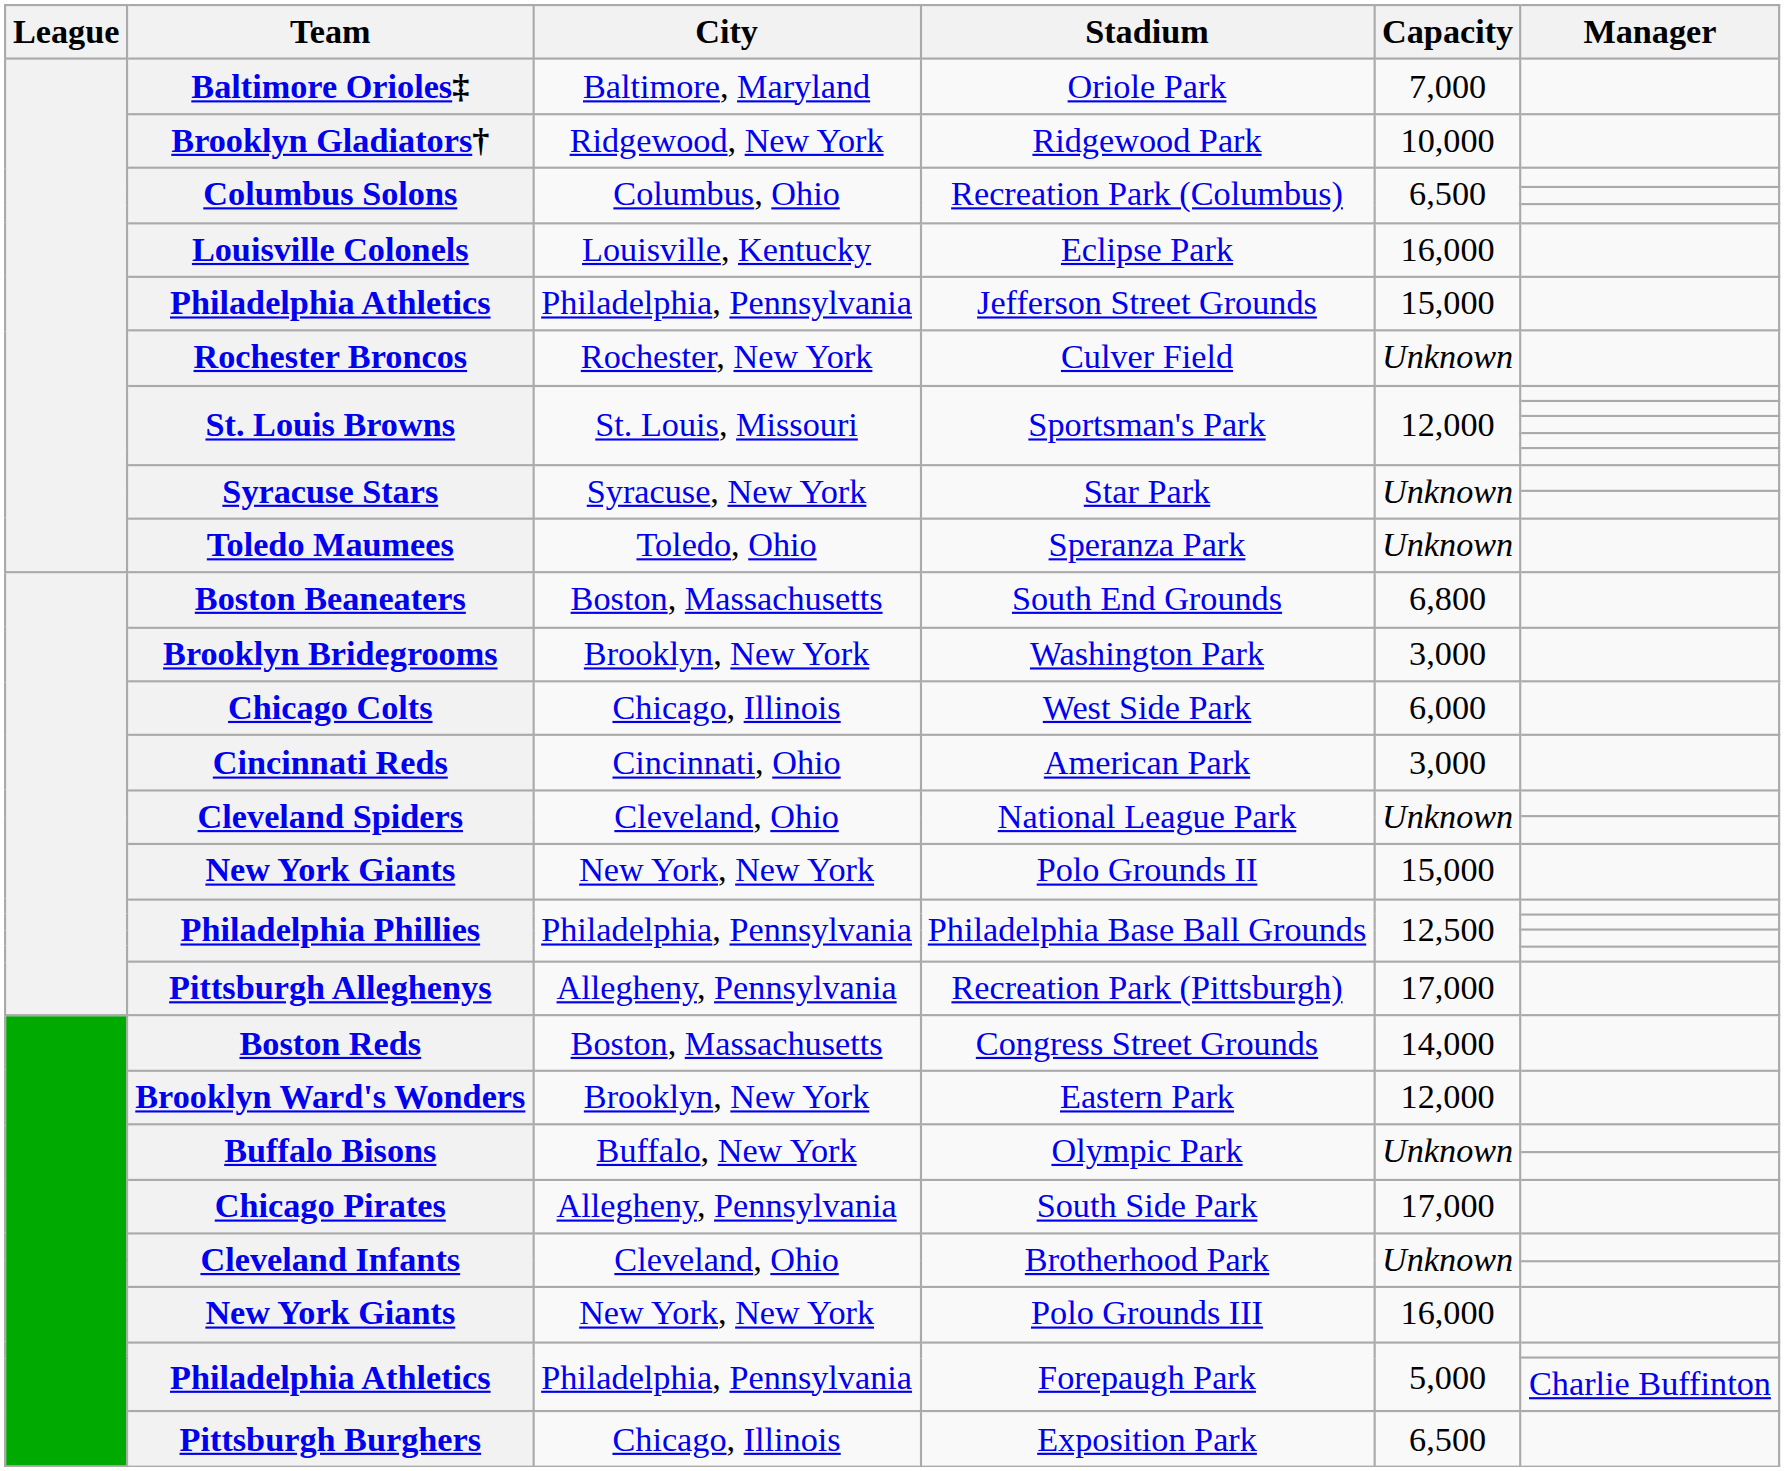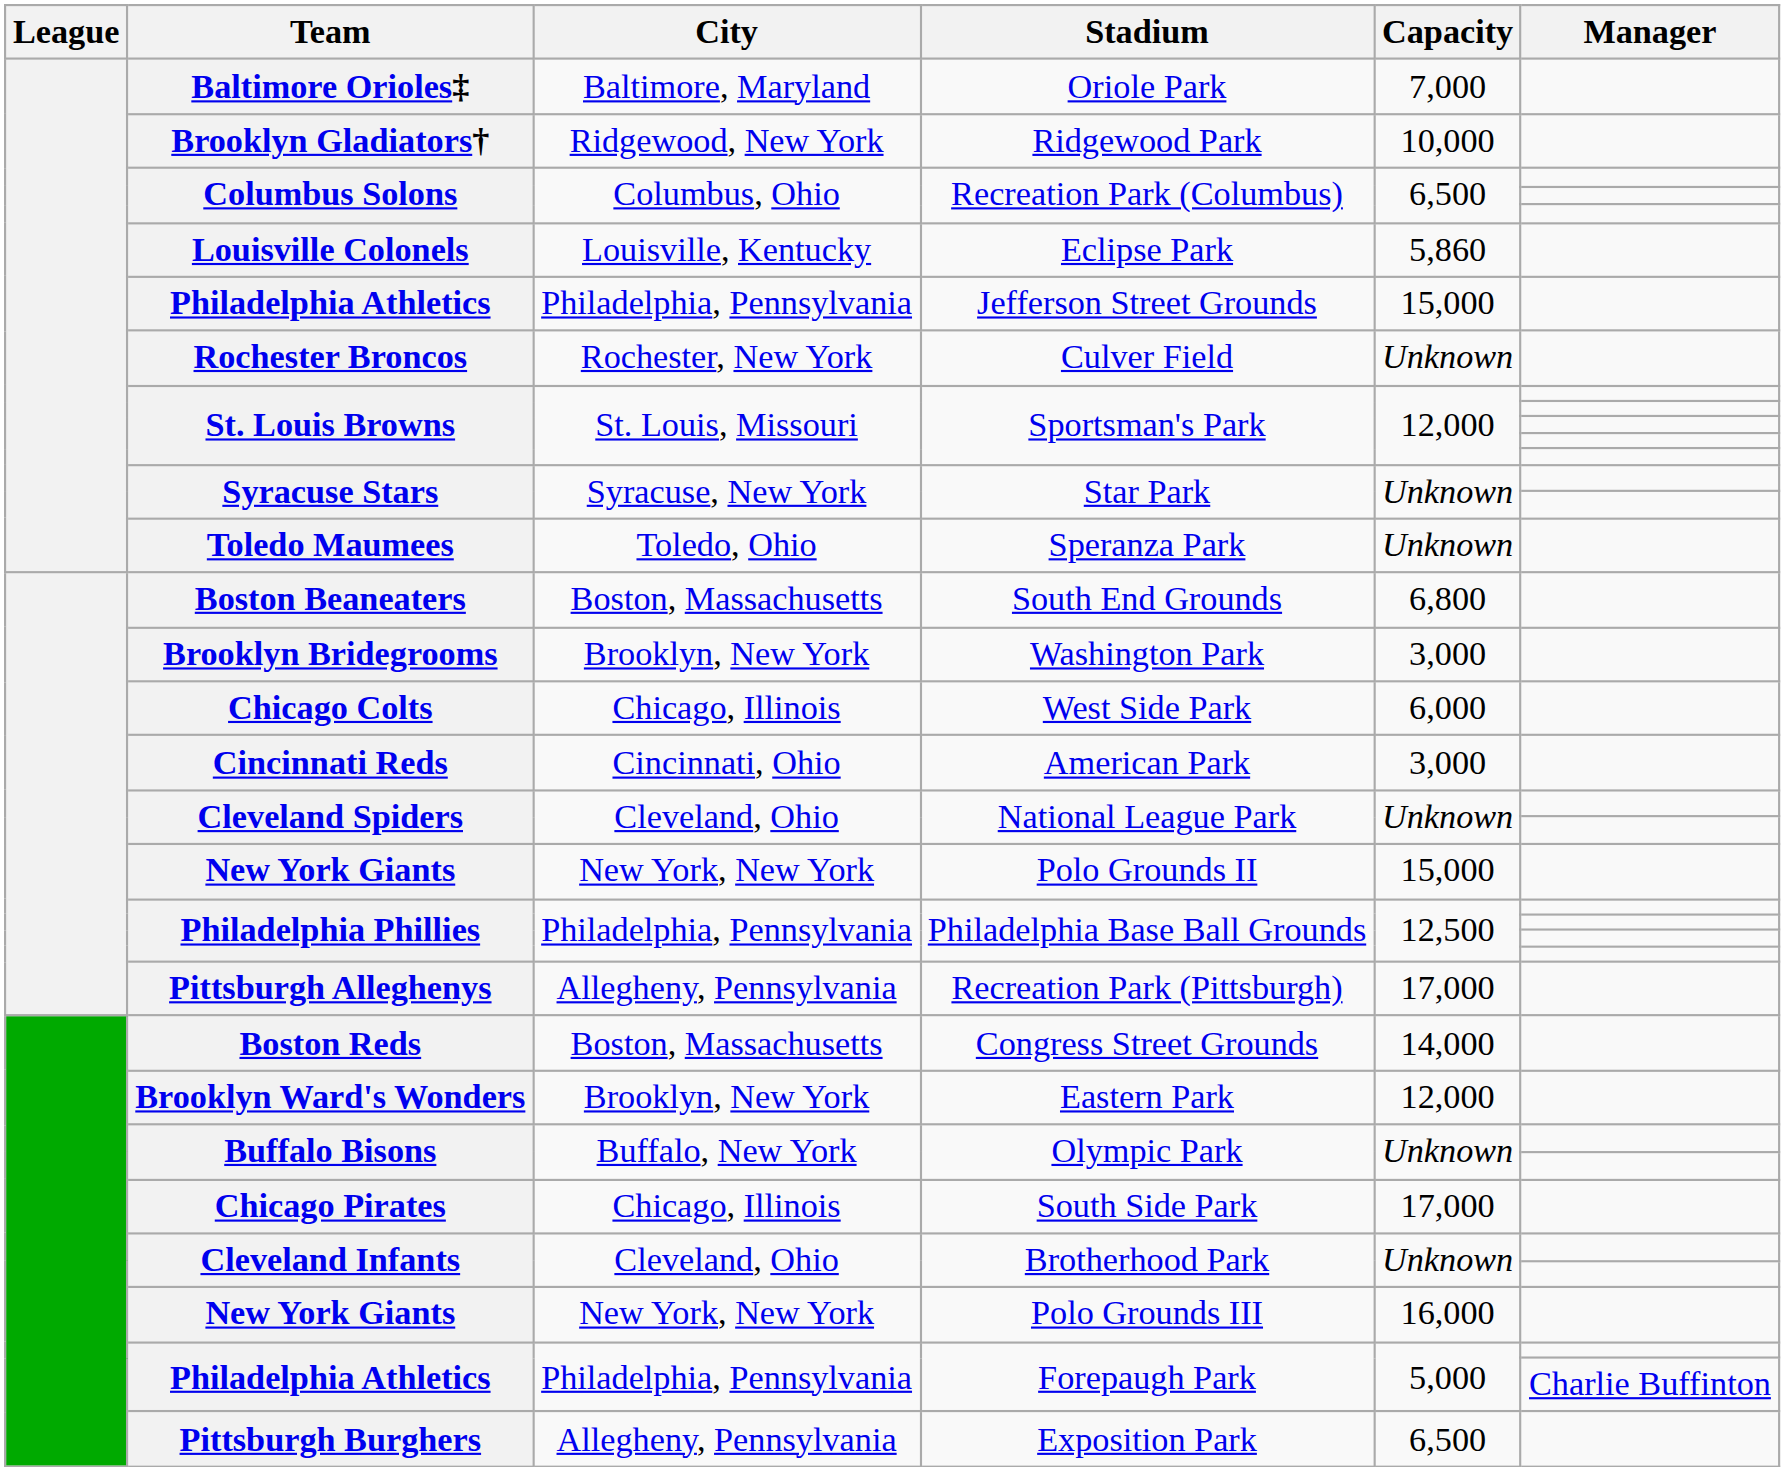 <table class="wikitable sortable plainrowheaders" style="text-align:center;">
 <tr>
 <th scope="col">League</th>
 <th scope="col">Team</th>
 <th scope="col">City</th>
 <th scope="col">Stadium</th>
 <th scope="col">Capacity</th>
 <th scope="col">Manager</th>
 </tr>
 <tr>
 <th rowspan="16"></th>
 <th scope="row"><a href='#'>Baltimore Orioles</a>‡</th>
 <td><a href='#'>Baltimore</a>, <a href='#'>Maryland</a></td>
 <td><a href='#'>Oriole Park</a></td>
 <td>7,000</td>
 <td></td>
 </tr>
 <tr>
 <th scope="row"><a href='#'>Brooklyn Gladiators</a>†</th>
 <td><a href='#'>Ridgewood</a>, <a href='#'>New York</a></td>
 <td><a href='#'>Ridgewood Park</a></td>
 <td>10,000</td>
 <td></td>
 </tr>
 <tr>
 <th rowspan="3" scope="row"><a href='#'>Columbus Solons</a></th>
 <td rowspan="3"><a href='#'>Columbus</a>, <a href='#'>Ohio</a></td>
 <td rowspan="3"><a href='#'>Recreation Park (Columbus)</a></td>
 <td rowspan="3">6,500</td>
 <td></td>
 </tr>
 <tr>
 <td></td>
 </tr>
 <tr>
 <td></td>
 </tr>
 <tr>
 <th scope="row"><a href='#'>Louisville Colonels</a></th>
 <td><a href='#'>Louisville</a>, <a href='#'>Kentucky</a></td>
 <td><a href='#'>Eclipse Park</a></td>
-<td>16,000</td>
+<td>5,860</td>
 <td></td>
 </tr>
 <tr>
 <th scope="row"><a href='#'>Philadelphia Athletics</a></th>
 <td><a href='#'>Philadelphia</a>, <a href='#'>Pennsylvania</a></td>
 <td><a href='#'>Jefferson Street Grounds</a></td>
 <td>15,000</td>
 <td></td>
 </tr>
 <tr>
 <th scope="row"><a href='#'>Rochester Broncos</a></th>
 <td><a href='#'>Rochester</a>, <a href='#'>New York</a></td>
 <td><a href='#'>Culver Field</a></td>
 <td><em>Unknown</em></td>
 <td></td>
 </tr>
 <tr>
 <th rowspan="5" scope="row"><a href='#'>St. Louis Browns</a></th>
 <td rowspan="5"><a href='#'>St. Louis</a>, <a href='#'>Missouri</a></td>
 <td rowspan="5"><a href='#'>Sportsman's Park</a></td>
 <td rowspan="5">12,000</td>
 <td></td>
 </tr>
 <tr>
 <td></td>
 </tr>
 <tr>
 <td></td>
 </tr>
 <tr>
 <td></td>
 </tr>
 <tr>
 <td></td>
 </tr>
 <tr>
 <th rowspan="2" scope="row"><a href='#'>Syracuse Stars</a></th>
 <td rowspan="2"><a href='#'>Syracuse</a>, <a href='#'>New York</a></td>
 <td rowspan="2"><a href='#'>Star Park</a></td>
 <td rowspan="2"><em>Unknown</em></td>
 <td></td>
 </tr>
 <tr>
 <td></td>
 </tr>
 <tr>
 <th scope="row"><a href='#'>Toledo Maumees</a></th>
 <td><a href='#'>Toledo</a>, <a href='#'>Ohio</a></td>
 <td><a href='#'>Speranza Park</a></td>
 <td><em>Unknown</em></td>
 <td></td>
 </tr>
 <tr>
 <th rowspan="12"></th>
 <th scope="row"><a href='#'>Boston Beaneaters</a></th>
 <td><a href='#'>Boston</a>, <a href='#'>Massachusetts</a></td>
 <td><a href='#'>South End Grounds</a></td>
 <td>6,800</td>
 <td></td>
 </tr>
 <tr>
 <th scope="row"><a href='#'>Brooklyn Bridegrooms</a></th>
 <td><a href='#'>Brooklyn</a>, <a href='#'>New York</a></td>
 <td><a href='#'>Washington Park</a></td>
 <td>3,000</td>
 <td></td>
 </tr>
 <tr>
 <th scope="row"><a href='#'>Chicago Colts</a></th>
 <td><a href='#'>Chicago</a>, <a href='#'>Illinois</a></td>
 <td><a href='#'>West Side Park</a></td>
 <td>6,000</td>
 <td></td>
 </tr>
 <tr>
 <th scope="row"><a href='#'>Cincinnati Reds</a></th>
 <td><a href='#'>Cincinnati</a>, <a href='#'>Ohio</a></td>
 <td><a href='#'>American Park</a></td>
 <td>3,000</td>
 <td></td>
 </tr>
 <tr>
 <th rowspan="2" scope="row"><a href='#'>Cleveland Spiders</a></th>
 <td rowspan="2"><a href='#'>Cleveland</a>, <a href='#'>Ohio</a></td>
 <td rowspan="2"><a href='#'>National League Park</a></td>
 <td rowspan="2"><em>Unknown</em></td>
 <td></td>
 </tr>
 <tr>
 <td></td>
 </tr>
 <tr>
 <th scope="row"><a href='#'>New York Giants</a></th>
 <td><a href='#'>New York</a>, <a href='#'>New York</a></td>
 <td><a href='#'>Polo Grounds II</a></td>
 <td>15,000</td>
 <td></td>
 </tr>
 <tr>
 <th rowspan="4" scope="row"><a href='#'>Philadelphia Phillies</a></th>
 <td rowspan="4"><a href='#'>Philadelphia</a>, <a href='#'>Pennsylvania</a></td>
 <td rowspan="4"><a href='#'>Philadelphia Base Ball Grounds</a></td>
 <td rowspan="4">12,500</td>
 <td></td>
 </tr>
 <tr>
 <td></td>
 </tr>
 <tr>
 <td></td>
 </tr>
 <tr>
 <td></td>
 </tr>
 <tr>
 <th scope="row"><a href='#'>Pittsburgh Alleghenys</a></th>
 <td><a href='#'>Allegheny</a>, <a href='#'>Pennsylvania</a></td>
 <td><a href='#'>Recreation Park (Pittsburgh)</a></td>
 <td>17,000</td>
 <td></td>
 </tr>
 <tr>
 <th rowspan="11" style="background:#00AA00;"></th>
 <th scope="row"><a href='#'>Boston Reds</a></th>
 <td><a href='#'>Boston</a>, <a href='#'>Massachusetts</a></td>
 <td><a href='#'>Congress Street Grounds</a></td>
 <td>14,000</td>
 <td></td>
 </tr>
 <tr>
 <th scope="row"><a href='#'>Brooklyn Ward's Wonders</a></th>
 <td><a href='#'>Brooklyn</a>, <a href='#'>New York</a></td>
 <td><a href='#'>Eastern Park</a></td>
 <td>12,000</td>
 <td></td>
 </tr>
 <tr>
 <th rowspan="2" scope="row"><a href='#'>Buffalo Bisons</a></th>
 <td rowspan="2"><a href='#'>Buffalo</a>, <a href='#'>New York</a></td>
 <td rowspan="2"><a href='#'>Olympic Park</a></td>
 <td rowspan="2"><em>Unknown</em></td>
 <td></td>
 </tr>
 <tr>
 <td></td>
 </tr>
 <tr>
 <th scope="row"><a href='#'>Chicago Pirates</a></th>
-<td><a href='#'>Allegheny</a>, <a href='#'>Pennsylvania</a></td>
+<td><a href='#'>Chicago</a>, <a href='#'>Illinois</a></td>
 <td><a href='#'>South Side Park</a></td>
 <td>17,000</td>
 <td></td>
 </tr>
 <tr>
 <th rowspan="2" scope="row"><a href='#'>Cleveland Infants</a></th>
 <td rowspan="2"><a href='#'>Cleveland</a>, <a href='#'>Ohio</a></td>
 <td rowspan="2"><a href='#'>Brotherhood Park</a></td>
 <td rowspan="2"><em>Unknown</em></td>
 <td></td>
 </tr>
 <tr>
 <td></td>
 </tr>
 <tr>
 <th scope="row"><a href='#'>New York Giants</a></th>
 <td><a href='#'>New York</a>, <a href='#'>New York</a></td>
 <td><a href='#'>Polo Grounds III</a></td>
 <td>16,000</td>
 <td></td>
 </tr>
 <tr>
 <th rowspan="2" scope="row"><a href='#'>Philadelphia Athletics</a></th>
 <td rowspan="2"><a href='#'>Philadelphia</a>, <a href='#'>Pennsylvania</a></td>
 <td rowspan="2"><a href='#'>Forepaugh Park</a></td>
 <td rowspan="2">5,000</td>
 <td></td>
 </tr>
 <tr>
 <td><a href='#'>Charlie Buffinton</a></td>
 </tr>
 <tr>
 <th scope="row"><a href='#'>Pittsburgh Burghers</a></th>
-<td><a href='#'>Chicago</a>, <a href='#'>Illinois</a></td>
+<td><a href='#'>Allegheny</a>, <a href='#'>Pennsylvania</a></td>
 <td><a href='#'>Exposition Park</a></td>
 <td>6,500</td>
 <td></td>
 </tr>
 </table>
